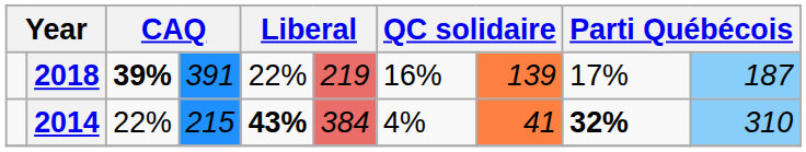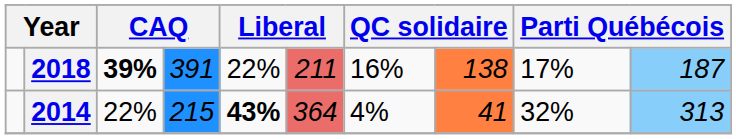 <table class="wikitable" style="float:right; width:400; font-size:90%; margin-left:1em;">
 <tr>
 <th colspan="2" scope="col">Year</th>
 <th colspan="2" scope="col"><a href='#'>CAQ</a></th>
 <th colspan="2" scope="col"><a href='#'>Liberal</a></th>
 <th colspan="2" scope="col"><a href='#'>QC solidaire</a></th>
 <th colspan="2" scope="col"><a href='#'>Parti Québécois</a></th>
 </tr>
 <tr>
 <td style="width: 0.25em; background-color: "></td>
 <th><a href='#'>2018</a></th>
 <td><strong>39%</strong></td>
 <td style="text-align:right; background:#1E90FF;"><em>391</em></td>
 <td>22%</td>
-<td style="text-align:right; background:#EA6D6A;"><em>219</em></td>
+<td style="text-align:right; background:#EA6D6A;"><em>211</em></td>
 <td>16%</td>
-<td style="text-align:right; background:#FF8040;"><em>139</em></td>
+<td style="text-align:right; background:#FF8040;"><em>138</em></td>
 <td>17%</td>
 <td style="text-align:right; background:#87CEFA;"><em>187</em></td>
 </tr>
 <tr>
 <td style="width: 0.25em; background-color: "></td>
 <th><a href='#'>2014</a></th>
 <td>22%</td>
 <td style="text-align:right; background:#1E90FF;"><em>215</em></td>
 <td><strong>43%</strong></td>
-<td style="text-align:right; background:#EA6D6A;"><em>384</em></td>
+<td style="text-align:right; background:#EA6D6A;"><em>364</em></td>
 <td>4%</td>
 <td style="text-align:right; background:#FF8040;"><em>41</em></td>
-<td><strong>32%</strong></td>
-<td style="text-align:right; background:#87CEFA;"><em>310</em></td>
+<td>32%</td>
+<td style="text-align:right; background:#87CEFA;"><em>313</em></td>
 </tr>
 <tr>
 </tr>
 </table>
